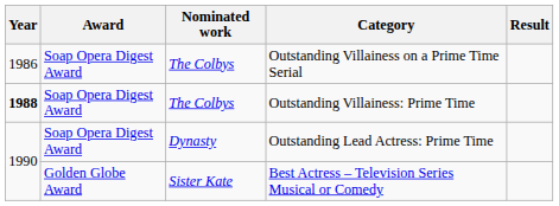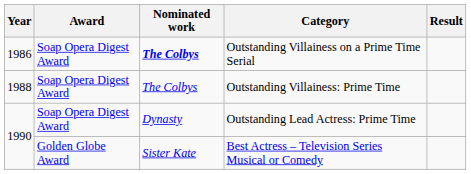 <table class="wikitable">
 <tr>
 <th>Year</th>
 <th>Award</th>
 <th>Nominated work</th>
 <th>Category</th>
 <th>Result</th>
 </tr>
 <tr>
 <td style="text-align:center;">1986</td>
 <td><a href='#'>Soap Opera Digest Award</a></td>
-<td><em><a href='#'>The Colbys</a></em></td>
+<td><strong><em><a href='#'>The Colbys</a></em></strong></td>
 <td>Outstanding Villainess on a Prime Time Serial</td>
 <td></td>
 </tr>
 <tr>
-<td style="text-align:center;"><strong>1988</strong></td>
+<td style="text-align:center;">1988</td>
 <td><a href='#'>Soap Opera Digest Award</a></td>
 <td><em><a href='#'>The Colbys</a></em></td>
 <td>Outstanding Villainess: Prime Time</td>
 <td></td>
 </tr>
 <tr>
 <td rowspan="2" style="text-align:center;">1990</td>
 <td><a href='#'>Soap Opera Digest Award</a></td>
 <td><em><a href='#'>Dynasty</a></em></td>
 <td>Outstanding Lead Actress: Prime Time</td>
 <td></td>
 </tr>
 <tr>
 <td><a href='#'>Golden Globe Award</a></td>
 <td><em><a href='#'>Sister Kate</a></em></td>
 <td><a href='#'>Best Actress – Television Series Musical or Comedy</a></td>
 <td></td>
 </tr>
 </table>
